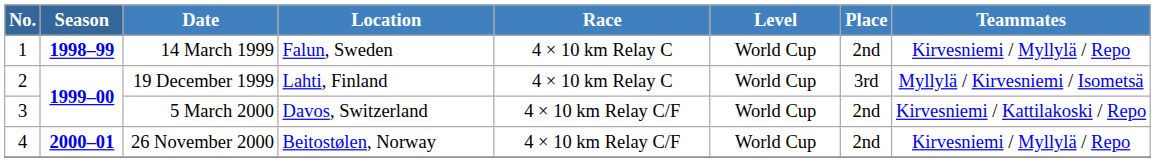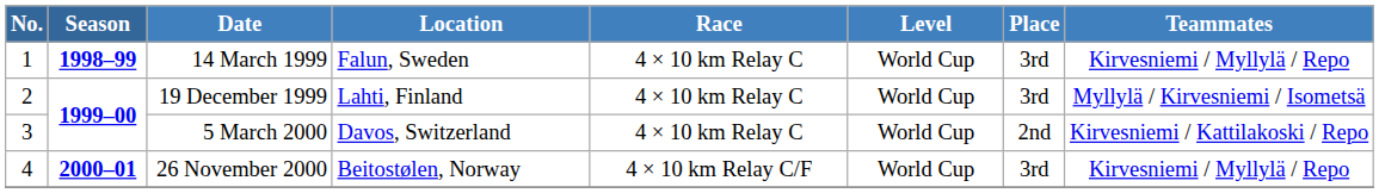 <table class="wikitable sortable" style="font-size:95%; text-align:center; border:grey solid 1px; border-collapse:collapse; background:#ffffff;">
 <tr style="background:#efefef;">
 <th style="background-color:#369; color:white;">No.</th>
 <th style="background-color:#369; color:white;">Season</th>
 <th style="background-color:#4180be; color:white; width:120px;">Date</th>
 <th style="background-color:#4180be; color:white; width:170px;">Location</th>
 <th style="background-color:#4180be; color:white; width:170px;">Race</th>
 <th style="background-color:#4180be; color:white; width:100px;">Level</th>
 <th style="background-color:#4180be; color:white;">Place</th>
 <th style="background-color:#4180be; color:white;">Teammates</th>
 </tr>
 <tr>
 <td align=center>1</td>
 <td rowspan=1 align=center><strong> <a href='#'>1998–99</a> </strong></td>
 <td align=right>14 March 1999</td>
 <td align=left> <a href='#'>Falun</a>, Sweden</td>
 <td>4 × 10 km Relay C</td>
 <td>World Cup</td>
-<td>2nd</td>
+<td>3rd</td>
 <td><a href='#'>Kirvesniemi</a> / <a href='#'>Myllylä</a> / <a href='#'>Repo</a></td>
 </tr>
 <tr>
 <td align=center>2</td>
 <td rowspan=2 align=center><strong> <a href='#'>1999–00</a> </strong></td>
 <td align=right>19 December 1999</td>
 <td align=left> <a href='#'>Lahti</a>, Finland</td>
 <td>4 × 10 km Relay C</td>
 <td>World Cup</td>
 <td>3rd</td>
 <td><a href='#'>Myllylä</a> / <a href='#'>Kirvesniemi</a> / <a href='#'>Isometsä</a></td>
 </tr>
 <tr>
 <td align=center>3</td>
 <td align=right>5 March 2000</td>
 <td align=left> <a href='#'>Davos</a>, Switzerland</td>
-<td>4 × 10 km Relay C/F</td>
+<td>4 × 10 km Relay C</td>
 <td>World Cup</td>
 <td>2nd</td>
 <td><a href='#'>Kirvesniemi</a> / <a href='#'>Kattilakoski</a> / <a href='#'>Repo</a></td>
 </tr>
 <tr>
 <td align=center>4</td>
 <td rowspan=1 align=center><strong> <a href='#'>2000–01</a> </strong></td>
 <td align=right>26 November 2000</td>
 <td align=left> <a href='#'>Beitostølen</a>, Norway</td>
 <td>4 × 10 km Relay C/F</td>
 <td>World Cup</td>
-<td>2nd</td>
+<td>3rd</td>
 <td><a href='#'>Kirvesniemi</a> / <a href='#'>Myllylä</a> / <a href='#'>Repo</a></td>
 </tr>
 <tr>
 </tr>
 </table>
